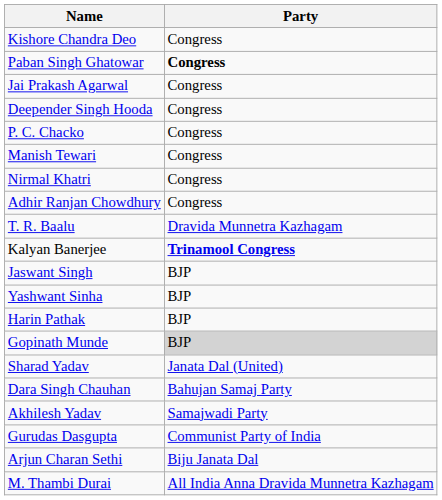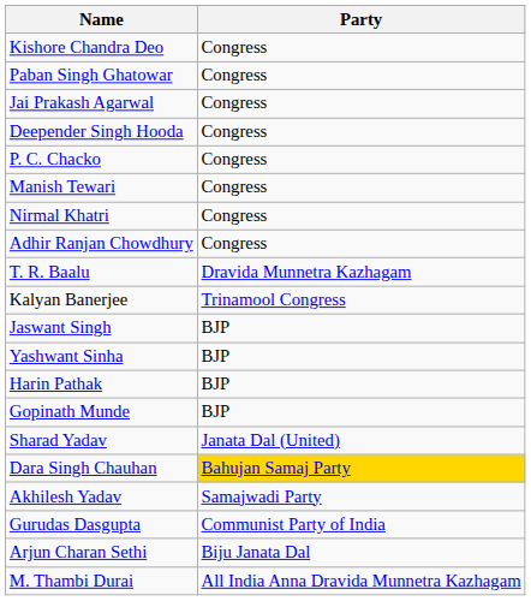 <table class="wikitable">
 <tr>
 <th>Name</th>
 <th>Party</th>
 </tr>
 <tr>
 <td><a href='#'>Kishore Chandra Deo</a></td>
 <td>Congress</td>
 </tr>
 <tr>
 <td><a href='#'>Paban Singh Ghatowar</a></td>
-<td><strong>Congress</strong></td>
+<td>Congress</td>
 </tr>
 <tr>
 <td><a href='#'>Jai Prakash Agarwal</a></td>
 <td>Congress</td>
 </tr>
 <tr>
 <td><a href='#'>Deepender Singh Hooda</a></td>
 <td>Congress</td>
 </tr>
 <tr>
 <td><a href='#'>P. C. Chacko</a></td>
 <td>Congress</td>
 </tr>
 <tr>
 <td><a href='#'>Manish Tewari</a></td>
 <td>Congress</td>
 </tr>
 <tr>
 <td><a href='#'>Nirmal Khatri</a></td>
 <td>Congress</td>
 </tr>
 <tr>
 <td><a href='#'>Adhir Ranjan Chowdhury</a></td>
 <td>Congress</td>
 </tr>
 <tr>
 <td><a href='#'>T. R. Baalu</a></td>
 <td><a href='#'>Dravida Munnetra Kazhagam</a></td>
 </tr>
 <tr>
 <td>Kalyan Banerjee</td>
-<td><strong><a href='#'>Trinamool Congress</a></strong></td>
+<td><a href='#'>Trinamool Congress</a></td>
 </tr>
 <tr>
 <td><a href='#'>Jaswant Singh</a></td>
 <td>BJP</td>
 </tr>
 <tr>
 <td><a href='#'>Yashwant Sinha</a></td>
 <td>BJP</td>
 </tr>
 <tr>
 <td><a href='#'>Harin Pathak</a></td>
 <td>BJP</td>
 </tr>
 <tr>
 <td><a href='#'>Gopinath Munde</a></td>
-<td style="background: lightgrey;">BJP</td>
+<td>BJP</td>
 </tr>
 <tr>
 <td><a href='#'>Sharad Yadav</a></td>
 <td><a href='#'>Janata Dal (United)</a></td>
 </tr>
 <tr>
 <td><a href='#'>Dara Singh Chauhan</a></td>
-<td><a href='#'>Bahujan Samaj Party</a></td>
+<td style="background: gold;"><a href='#'>Bahujan Samaj Party</a></td>
 </tr>
 <tr>
 <td><a href='#'>Akhilesh Yadav</a></td>
 <td><a href='#'>Samajwadi Party</a></td>
 </tr>
 <tr>
 <td><a href='#'>Gurudas Dasgupta</a></td>
 <td><a href='#'>Communist Party of India</a></td>
 </tr>
 <tr>
 <td><a href='#'>Arjun Charan Sethi</a></td>
 <td><a href='#'>Biju Janata Dal</a></td>
 </tr>
 <tr>
 <td><a href='#'>M. Thambi Durai</a></td>
 <td><a href='#'>All India Anna Dravida Munnetra Kazhagam</a></td>
 </tr>
 </table>
